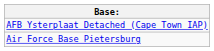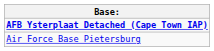 <table class="wikitable">
 <tr>
 <th>Base:</th>
 </tr>
 <tr>
-<td><a href='#'>AFB Ysterplaat Detached (Cape Town IAP)</a></td>
+<td><strong><a href='#'>AFB Ysterplaat Detached (Cape Town IAP)</a></strong></td>
 </tr>
 <tr>
 <td><a href='#'>Air Force Base Pietersburg</a></td>
 </tr>
 </table>
